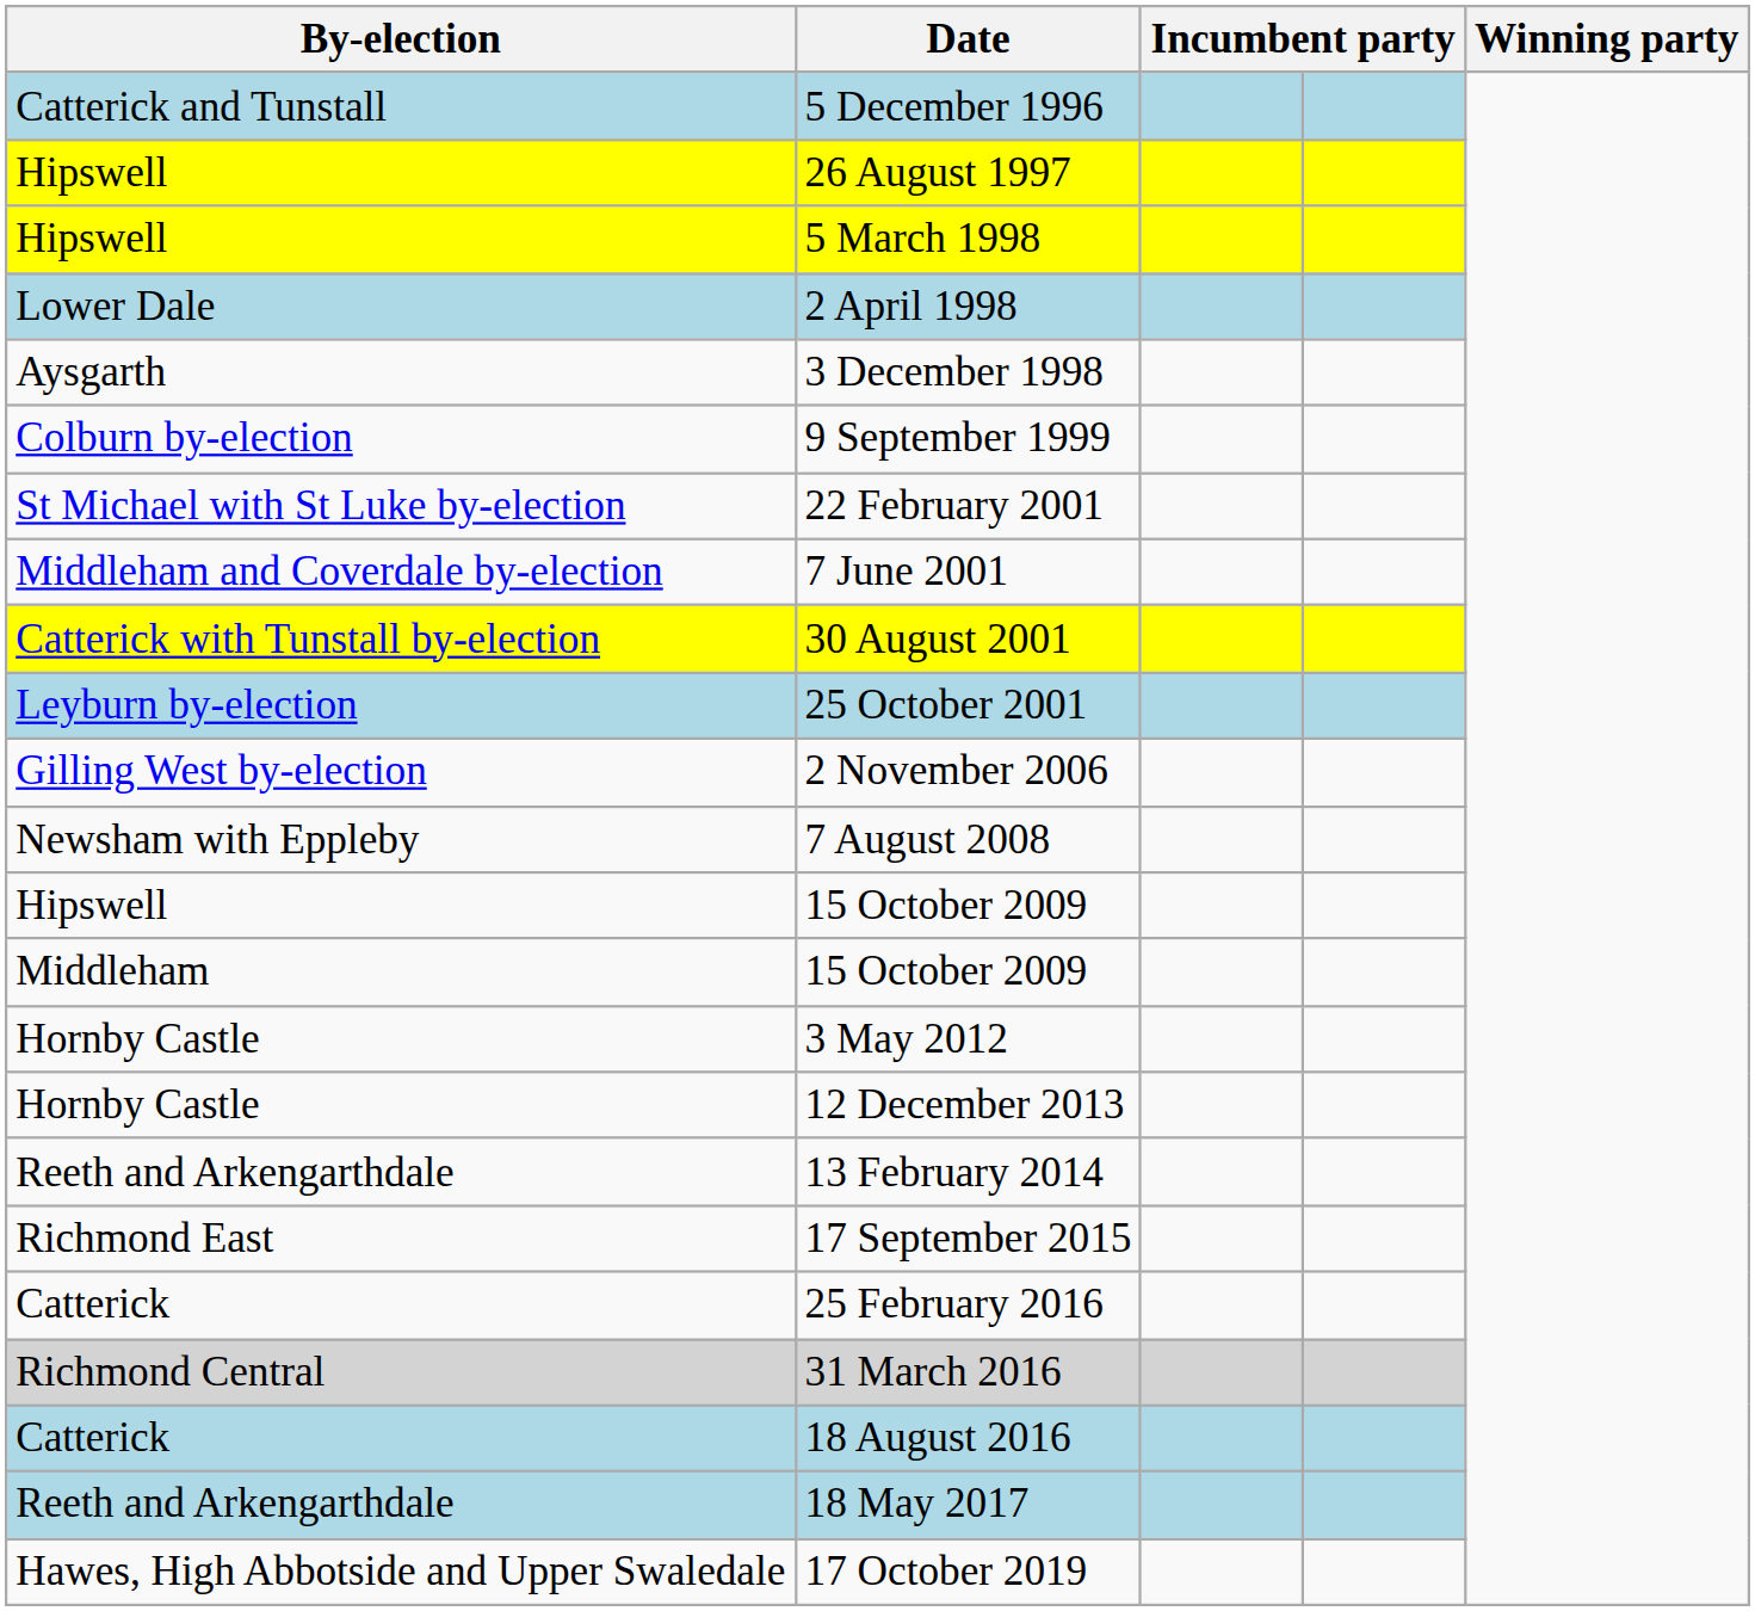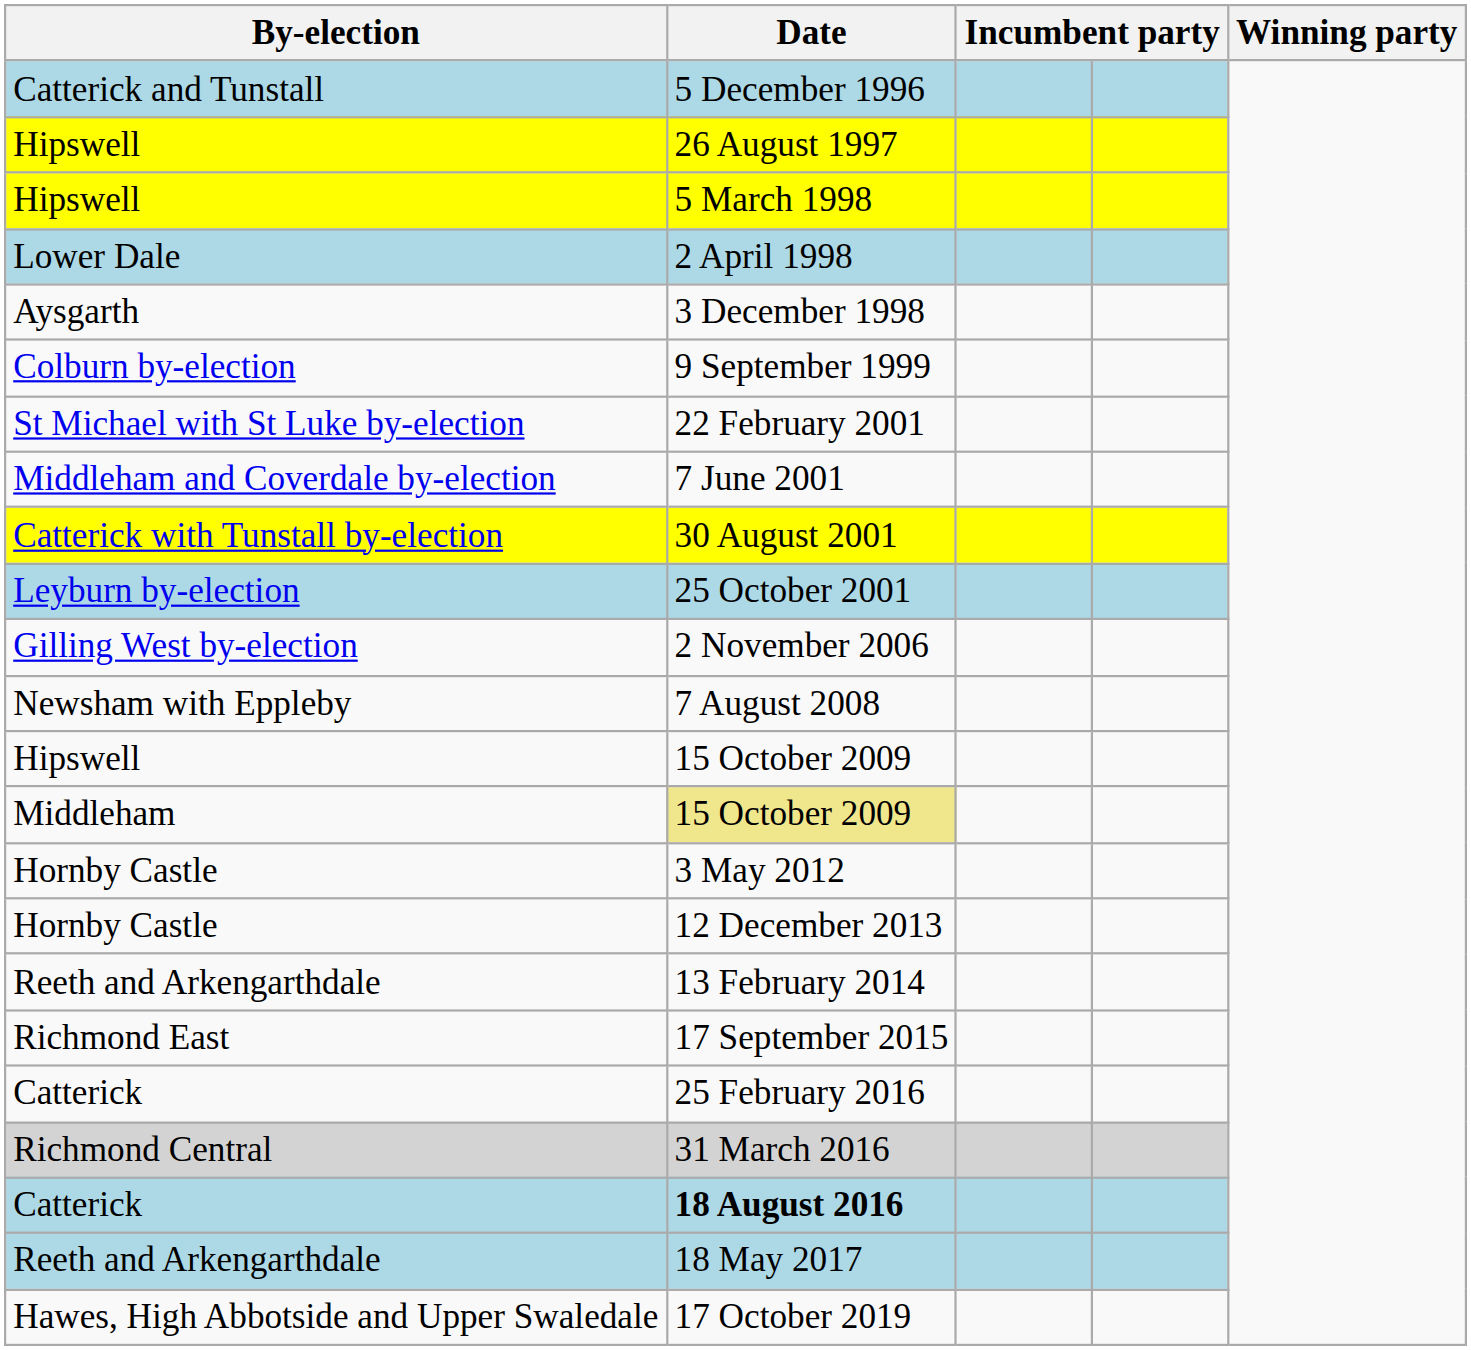 <table class="wikitable">
 <tr>
 <th>By-election</th>
 <th>Date</th>
 <th colspan=2>Incumbent party</th>
 <th colspan=2>Winning party</th>
 </tr>
 <tr bgcolor=lightblue>
 <td>Catterick and Tunstall</td>
 <td>5 December 1996</td>
 <td></td>
 <td></td>
 </tr>
 <tr bgcolor=yellow>
 <td>Hipswell</td>
 <td>26 August 1997</td>
 <td></td>
 <td></td>
 </tr>
 <tr bgcolor=yellow>
 <td>Hipswell</td>
 <td>5 March 1998</td>
 <td></td>
 <td></td>
 </tr>
 <tr bgcolor=lightblue>
 <td>Lower Dale</td>
 <td>2 April 1998</td>
 <td></td>
 <td></td>
 </tr>
 <tr>
 <td>Aysgarth</td>
 <td>3 December 1998</td>
 <td></td>
 <td></td>
 </tr>
 <tr>
 <td><a href='#'>Colburn by-election</a></td>
 <td>9 September 1999</td>
 <td></td>
 <td></td>
 </tr>
 <tr>
 <td><a href='#'>St Michael with St Luke by-election</a></td>
 <td>22 February 2001</td>
 <td></td>
 <td></td>
 </tr>
 <tr>
 <td><a href='#'>Middleham and Coverdale by-election</a></td>
 <td>7 June 2001</td>
 <td></td>
 <td></td>
 </tr>
 <tr bgcolor=yellow>
 <td><a href='#'>Catterick with Tunstall by-election</a></td>
 <td>30 August 2001</td>
 <td></td>
 <td></td>
 </tr>
 <tr bgcolor=lightblue>
 <td><a href='#'>Leyburn by-election</a></td>
 <td>25 October 2001</td>
 <td></td>
 <td></td>
 </tr>
 <tr>
 <td><a href='#'>Gilling West by-election</a></td>
 <td>2 November 2006</td>
 <td></td>
 <td></td>
 </tr>
 <tr>
 <td>Newsham with Eppleby</td>
 <td>7 August 2008</td>
 <td></td>
 <td></td>
 </tr>
 <tr>
 <td>Hipswell</td>
 <td>15 October 2009</td>
 <td></td>
 <td></td>
 </tr>
 <tr>
 <td>Middleham</td>
-<td>15 October 2009</td>
+<td style="background: khaki;">15 October 2009</td>
 <td></td>
 <td></td>
 </tr>
 <tr>
 <td>Hornby Castle</td>
 <td>3 May 2012</td>
 <td></td>
 <td></td>
 </tr>
 <tr>
 <td>Hornby Castle</td>
 <td>12 December 2013</td>
 <td></td>
 <td></td>
 </tr>
 <tr>
 <td>Reeth and Arkengarthdale</td>
 <td>13 February 2014</td>
 <td></td>
 <td></td>
 </tr>
 <tr>
 <td>Richmond East</td>
 <td>17 September 2015</td>
 <td></td>
 <td></td>
 </tr>
 <tr>
 <td>Catterick</td>
 <td>25 February 2016</td>
 <td></td>
 <td></td>
 </tr>
 <tr bgcolor=lightgrey>
 <td>Richmond Central</td>
 <td>31 March 2016</td>
 <td></td>
 <td></td>
 </tr>
 <tr bgcolor=lightblue>
 <td>Catterick</td>
-<td>18 August 2016</td>
+<td><strong>18 August 2016</strong></td>
 <td></td>
 <td></td>
 </tr>
 <tr bgcolor=lightblue>
 <td>Reeth and Arkengarthdale</td>
 <td>18 May 2017</td>
 <td></td>
 <td></td>
 </tr>
 <tr>
 <td>Hawes, High Abbotside and Upper Swaledale</td>
 <td>17 October 2019</td>
 <td></td>
 <td></td>
 </tr>
 </table>
